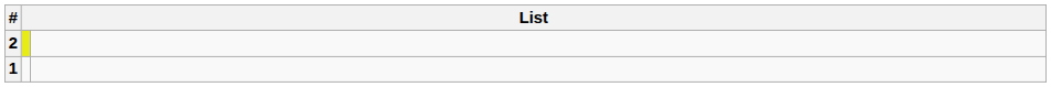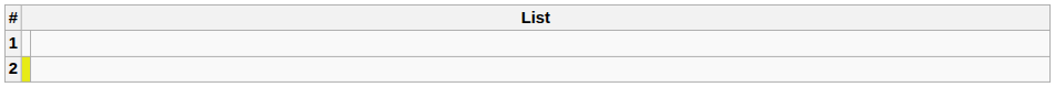 <table class=wikitable>
 <tr>
 <th>#</th>
 <th colspan=2 width=1000>List</th>
 </tr>
 <tr>
+<th>1</th>
+<td width="1" style="color:inherit;background:"></td>
+<td><br>    </td>
+</tr>
+<tr>
 <th>2</th>
 <td width="1" style="color:inherit;background:#E7EB16"></td>
 <td><br>    </td>
 </tr>
-<tr>
-<th>1</th>
-<td width="1" style="color:inherit;background:"></td>
-<td><br>    </td>
-</tr>
 </table>
